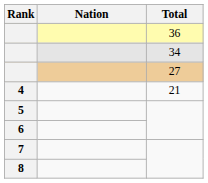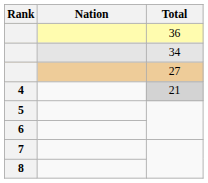 <table class="wikitable sortable" style="text-align:center; font-size:85%">
 <tr>
 <th scope="col" style="width:25px;">Rank</th>
 <th ! scope="col" style="width:120px;">Nation</th>
 <th ! scope="col" style="width:60px;">Total</th>
 </tr>
 <tr bgcolor=fffcaf>
 <th scope=row></th>
 <td align=left></td>
 <td>36</td>
 </tr>
 <tr bgcolor=e5e5e5>
 <th scope=row></th>
 <td align=left></td>
 <td>34</td>
 </tr>
 <tr bgcolor=eecc99>
 <th scope=row></th>
 <td align=left></td>
 <td>27</td>
 </tr>
 <tr>
 <th scope=row>4</th>
 <td align=left></td>
-<td>21</td>
+<td style="background: lightgrey;">21</td>
 </tr>
 <tr>
 <th scope=row>5</th>
 <td align=left></td>
 <td rowspan=2></td>
 </tr>
 <tr>
 <th scope=row>6</th>
 <td align=left></td>
 </tr>
 <tr>
 <th scope=row>7</th>
 <td align=left></td>
 <td rowspan=2></td>
 </tr>
 <tr>
 <th scope=row>8</th>
 <td align=left></td>
 </tr>
 </table>
